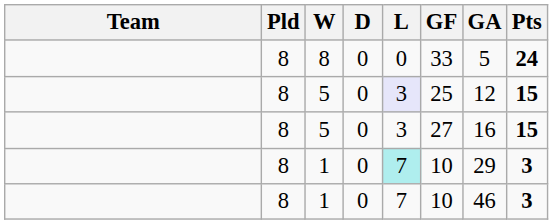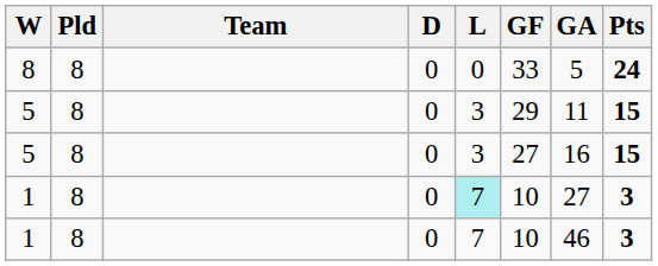 <table class="wikitable" style="text-align: center;">
 <tr>
+<th width=20 abbr="Won">W</th>
+<th width=20 abbr="Played">Pld</th>
 <th width=175>Team</th>
-<th width=20 abbr="Played">Pld</th>
-<th width=20 abbr="Won">W</th>
 <th width=20 abbr="Drawn">D</th>
 <th width=20 abbr="Lost">L</th>
 <th width=20 abbr="Goals for">GF</th>
 <th width=20 abbr="Goals against">GA</th>
 <th width=20 abbr="Points">Pts</th>
 </tr>
 <tr align=center>
-<td align=left></td>
 <td>8</td>
 <td>8</td>
+<td align=left></td>
 <td>0</td>
 <td>0</td>
 <td>33</td>
 <td>5</td>
 <td><strong>24</strong></td>
 </tr>
 <tr align=center>
+<td>5</td>
+<td>8</td>
 <td align=left></td>
-<td>8</td>
-<td>5</td>
 <td>0</td>
-<td style="background: lavender;">3</td>
-<td>25</td>
-<td>12</td>
+<td>3</td>
+<td>29</td>
+<td>11</td>
 <td><strong>15</strong></td>
 </tr>
 <tr align=center>
+<td>5</td>
+<td>8</td>
 <td align=left></td>
-<td>8</td>
-<td>5</td>
 <td>0</td>
 <td>3</td>
 <td>27</td>
 <td>16</td>
 <td><strong>15</strong></td>
 </tr>
 <tr align=center>
+<td>1</td>
+<td>8</td>
 <td align=left></td>
-<td>8</td>
-<td>1</td>
 <td>0</td>
 <td style="background: paleturquoise;">7</td>
 <td>10</td>
-<td>29</td>
+<td>27</td>
 <td><strong>3</strong></td>
 </tr>
 <tr align=center>
+<td>1</td>
+<td>8</td>
 <td align=left></td>
-<td>8</td>
-<td>1</td>
 <td>0</td>
 <td>7</td>
 <td>10</td>
 <td>46</td>
 <td><strong>3</strong></td>
 </tr>
 </table>
